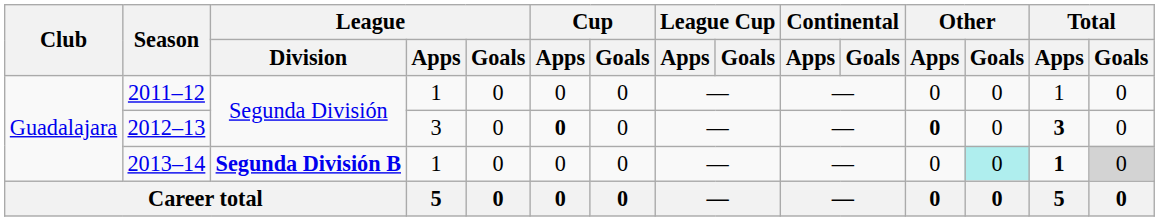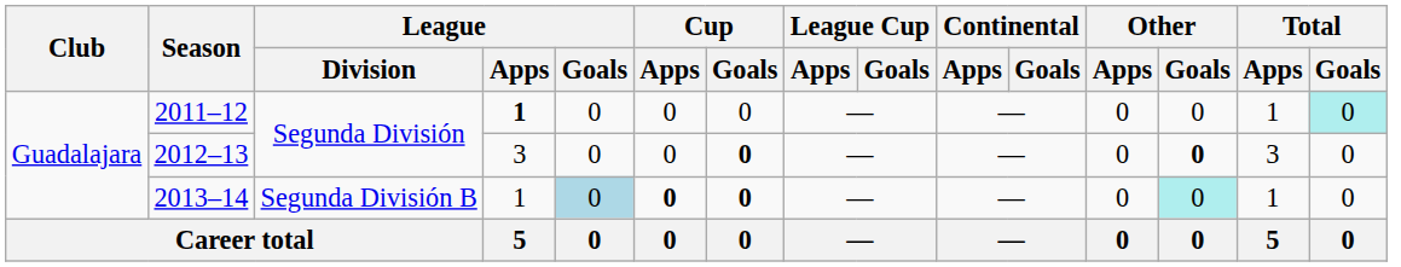 <table class="wikitable" style="text-align:center">
 <tr>
 <th rowspan="2">Club</th>
 <th rowspan="2">Season</th>
 <th colspan="3">League</th>
 <th colspan="2">Cup</th>
 <th colspan="2">League Cup</th>
 <th colspan="2">Continental</th>
 <th colspan="2">Other</th>
 <th colspan="2">Total</th>
 </tr>
 <tr>
 <th>Division</th>
 <th>Apps</th>
 <th>Goals</th>
 <th>Apps</th>
 <th>Goals</th>
 <th>Apps</th>
 <th>Goals</th>
 <th>Apps</th>
 <th>Goals</th>
 <th>Apps</th>
 <th>Goals</th>
 <th>Apps</th>
 <th>Goals</th>
 </tr>
 <tr>
 <td rowspan="3"><a href='#'>Guadalajara</a></td>
 <td><a href='#'>2011–12</a></td>
 <td rowspan="2"><a href='#'>Segunda División</a></td>
-<td>1</td>
+<td><strong>1</strong></td>
 <td>0</td>
 <td>0</td>
 <td>0</td>
 <td colspan="2">—</td>
 <td colspan="2">—</td>
 <td>0</td>
 <td>0</td>
 <td>1</td>
-<td>0</td>
+<td style="background: paleturquoise;">0</td>
 </tr>
 <tr>
 <td><a href='#'>2012–13</a></td>
 <td>3</td>
 <td>0</td>
+<td>0</td>
 <td><strong>0</strong></td>
-<td>0</td>
 <td colspan="2">—</td>
 <td colspan="2">—</td>
+<td>0</td>
 <td><strong>0</strong></td>
-<td>0</td>
-<td><strong>3</strong></td>
+<td>3</td>
 <td>0</td>
 </tr>
 <tr>
 <td><a href='#'>2013–14</a></td>
-<td rowspan="1"><strong><a href='#'>Segunda División B</a></strong></td>
+<td rowspan="1"><a href='#'>Segunda División B</a></td>
 <td>1</td>
-<td>0</td>
-<td>0</td>
-<td>0</td>
+<td style="background: lightblue;">0</td>
+<td><strong>0</strong></td>
+<td><strong>0</strong></td>
 <td colspan="2">—</td>
 <td colspan="2">—</td>
 <td>0</td>
 <td style="background: paleturquoise;">0</td>
-<td><strong>1</strong></td>
-<td style="background: lightgrey;">0</td>
+<td>1</td>
+<td>0</td>
 </tr>
 <tr>
 <th colspan="3">Career total</th>
 <th>5</th>
 <th>0</th>
 <th>0</th>
 <th>0</th>
 <th colspan="2">—</th>
 <th colspan="2">—</th>
 <th>0</th>
 <th>0</th>
 <th>5</th>
 <th>0</th>
 </tr>
 </table>
